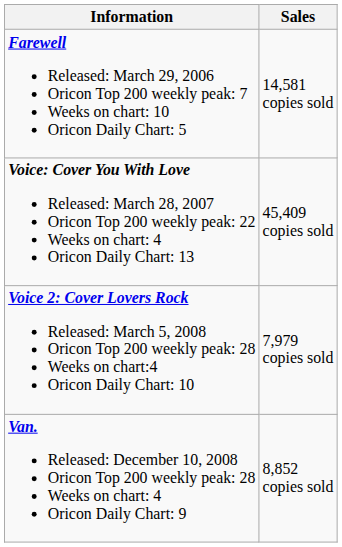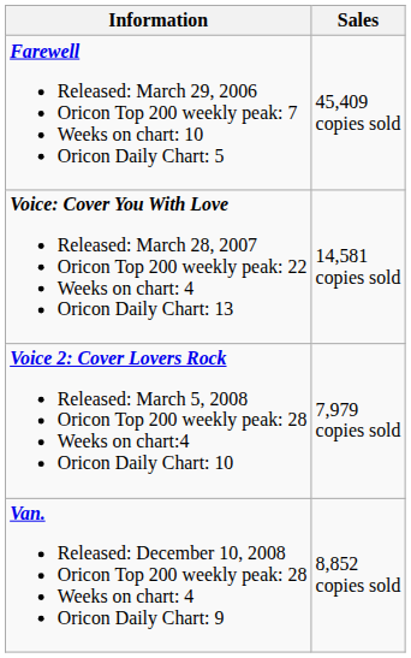 <table class="wikitable">
 <tr>
 <th>Information</th>
 <th>Sales</th>
 </tr>
 <tr>
 <td><strong><em><a href='#'>Farewell</a></em></strong><br><ul><li>Released: March 29, 2006</li><li>Oricon Top 200 weekly peak: 7</li><li>Weeks on chart: 10</li><li>Oricon Daily Chart: 5</li></ul></td>
-<td>14,581<br>copies sold</td>
+<td>45,409<br>copies sold</td>
 </tr>
 <tr>
 <td><strong><em>Voice: Cover You With Love</em></strong><br><ul><li>Released: March 28, 2007</li><li>Oricon Top 200 weekly peak: 22</li><li>Weeks on chart: 4</li><li>Oricon Daily Chart: 13</li></ul></td>
-<td>45,409<br>copies sold</td>
+<td>14,581<br>copies sold</td>
 </tr>
 <tr>
 <td><strong><em><a href='#'>Voice 2: Cover Lovers Rock</a></em></strong><br><ul><li>Released: March 5, 2008</li><li>Oricon Top 200 weekly peak: 28</li><li>Weeks on chart:4</li><li>Oricon Daily Chart: 10</li></ul></td>
 <td>7,979<br>copies sold</td>
 </tr>
 <tr>
 <td><strong><em><a href='#'>Van.</a></em></strong><br><ul><li>Released: December 10, 2008</li><li>Oricon Top 200 weekly peak: 28</li><li>Weeks on chart: 4</li><li>Oricon Daily Chart: 9</li></ul></td>
 <td>8,852<br>copies sold</td>
 </tr>
 </table>
